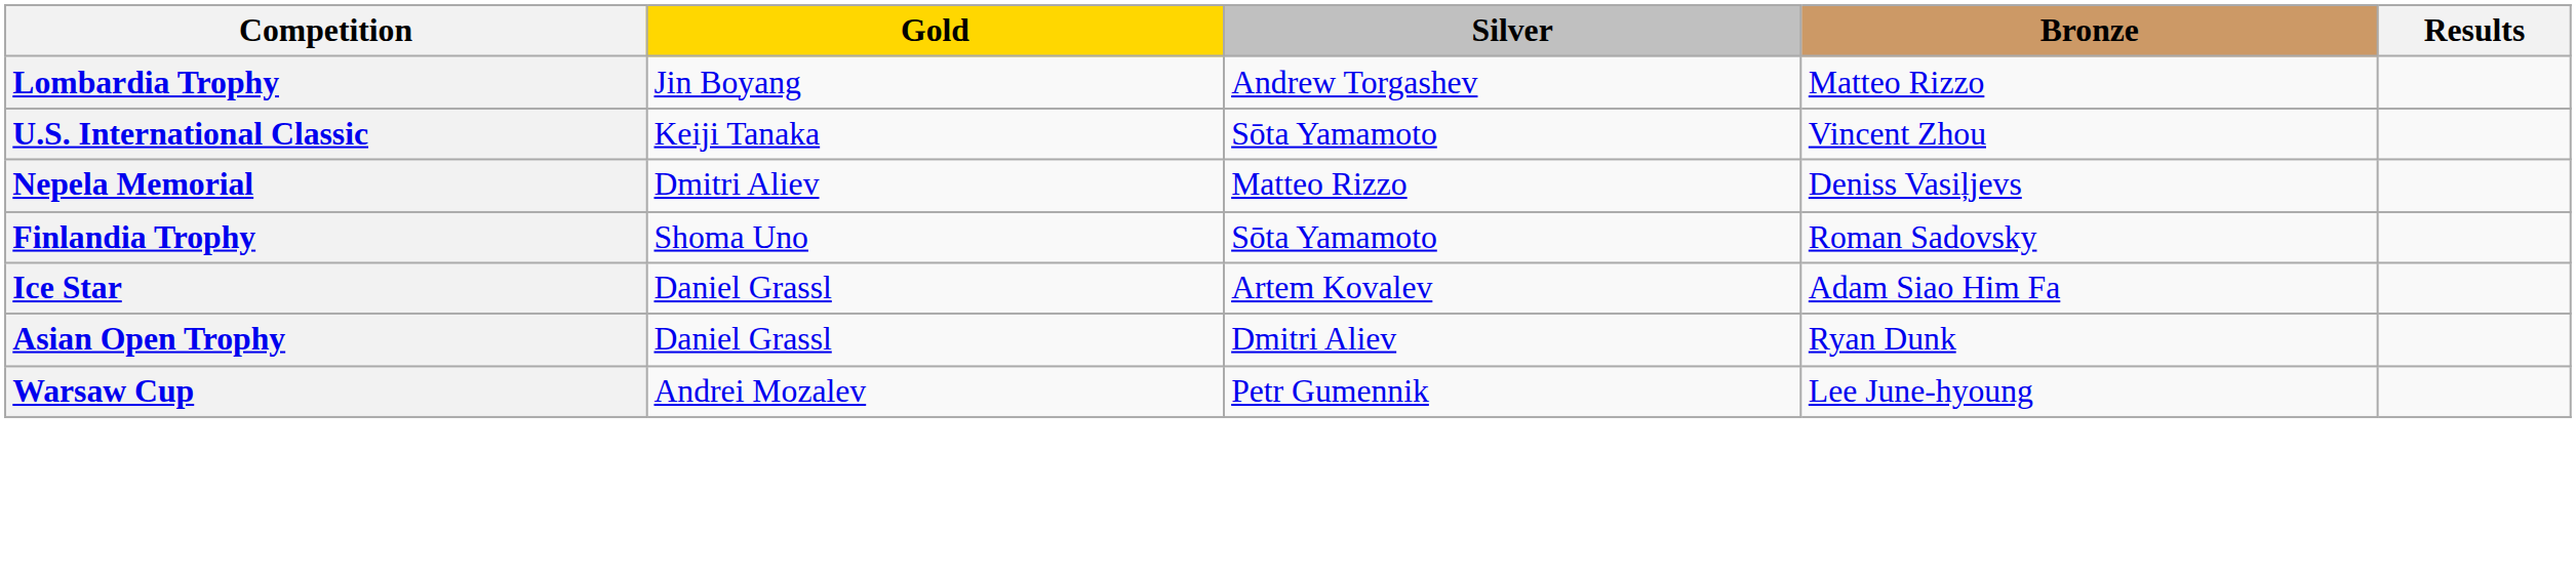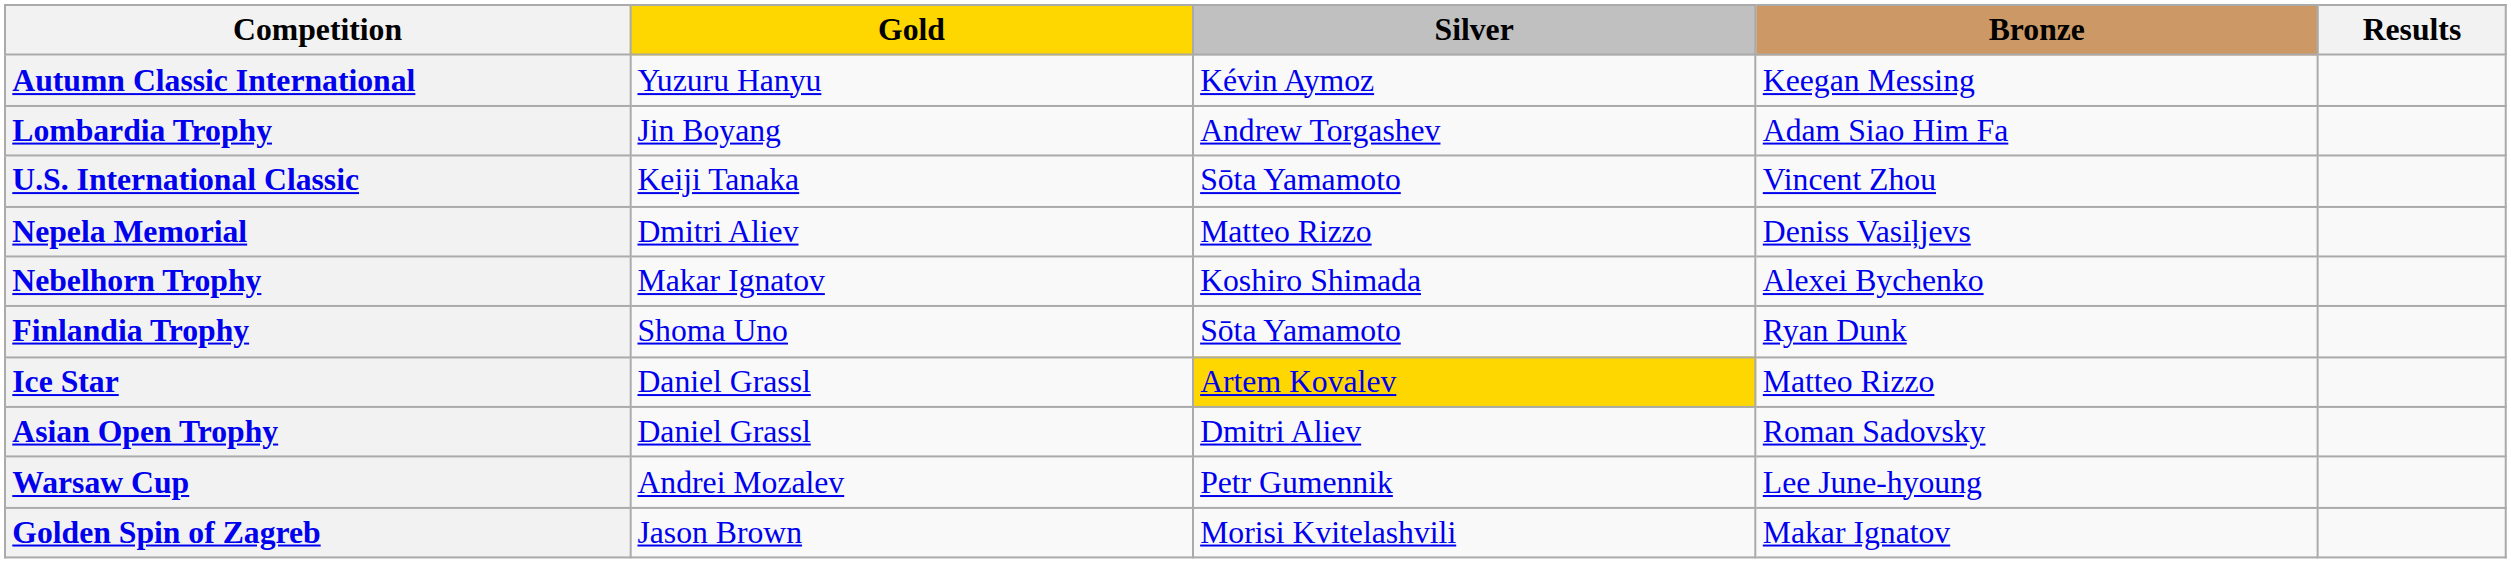 <table class="wikitable unsortable" style="text-align:left; width:100%">
 <tr>
 <th scope="col" style="text-align:center; width:25%;">Competition</th>
 <td scope="col" style="text-align:center; width:22.5%; background:gold"><strong>Gold</strong></td>
 <td scope="col" style="text-align:center; width:22.5%; background:silver"><strong>Silver</strong></td>
 <td scope="col" style="text-align:center; width:22.5%; background:#c96"><strong>Bronze</strong></td>
 <th scope="col" style="text-align:center; width:7.5%;">Results</th>
 </tr>
 <tr>
+<th scope="row" style="text-align:left"> <a href='#'>Autumn Classic International</a></th>
+<td> <a href='#'>Yuzuru Hanyu</a></td>
+<td> <a href='#'>Kévin Aymoz</a></td>
+<td> <a href='#'>Keegan Messing</a></td>
+<td></td>
+</tr>
+<tr>
 <th scope="row" style="text-align:left"> <a href='#'>Lombardia Trophy</a></th>
 <td> <a href='#'>Jin Boyang</a></td>
 <td> <a href='#'>Andrew Torgashev</a></td>
-<td> <a href='#'>Matteo Rizzo</a></td>
+<td> <a href='#'>Adam Siao Him Fa</a></td>
 <td></td>
 </tr>
 <tr>
 <th scope="row" style="text-align:left"> <a href='#'>U.S. International Classic</a></th>
 <td> <a href='#'>Keiji Tanaka</a></td>
 <td> <a href='#'>Sōta Yamamoto</a></td>
 <td> <a href='#'>Vincent Zhou</a></td>
 <td></td>
 </tr>
 <tr>
 <th scope="row" style="text-align:left"> <a href='#'>Nepela Memorial</a></th>
 <td> <a href='#'>Dmitri Aliev</a></td>
 <td> <a href='#'>Matteo Rizzo</a></td>
 <td> <a href='#'>Deniss Vasiļjevs</a></td>
 <td></td>
 </tr>
 <tr>
+<th scope="row" style="text-align:left"> <a href='#'>Nebelhorn Trophy</a></th>
+<td> <a href='#'>Makar Ignatov</a></td>
+<td> <a href='#'>Koshiro Shimada</a></td>
+<td> <a href='#'>Alexei Bychenko</a></td>
+<td></td>
+</tr>
+<tr>
 <th scope="row" style="text-align:left"> <a href='#'>Finlandia Trophy</a></th>
 <td> <a href='#'>Shoma Uno</a></td>
 <td> <a href='#'>Sōta Yamamoto</a></td>
-<td> <a href='#'>Roman Sadovsky</a></td>
+<td> <a href='#'>Ryan Dunk</a></td>
 <td></td>
 </tr>
 <tr>
 <th scope="row" style="text-align:left"> <a href='#'>Ice Star</a></th>
 <td> <a href='#'>Daniel Grassl</a></td>
-<td> <a href='#'>Artem Kovalev</a></td>
-<td> <a href='#'>Adam Siao Him Fa</a></td>
+<td style="background: gold;"> <a href='#'>Artem Kovalev</a></td>
+<td> <a href='#'>Matteo Rizzo</a></td>
 <td></td>
 </tr>
 <tr>
 <th scope="row" style="text-align:left"> <a href='#'>Asian Open Trophy</a></th>
 <td> <a href='#'>Daniel Grassl</a></td>
 <td> <a href='#'>Dmitri Aliev</a></td>
-<td> <a href='#'>Ryan Dunk</a></td>
+<td> <a href='#'>Roman Sadovsky</a></td>
 <td></td>
 </tr>
 <tr>
 <th scope="row" style="text-align:left"> <a href='#'>Warsaw Cup</a></th>
 <td> <a href='#'>Andrei Mozalev</a></td>
 <td> <a href='#'>Petr Gumennik</a></td>
 <td> <a href='#'>Lee June-hyoung</a></td>
 <td></td>
 </tr>
+<tr>
+<th scope="row" style="text-align:left"> <a href='#'>Golden Spin of Zagreb</a></th>
+<td> <a href='#'>Jason Brown</a></td>
+<td> <a href='#'>Morisi Kvitelashvili</a></td>
+<td> <a href='#'>Makar Ignatov</a></td>
+<td></td>
+</tr>
 </table>
